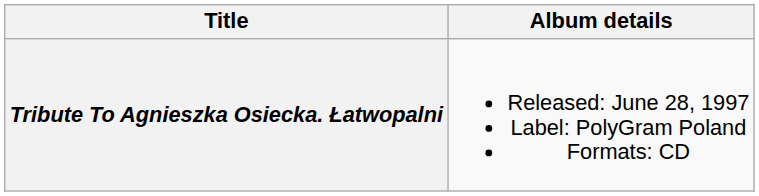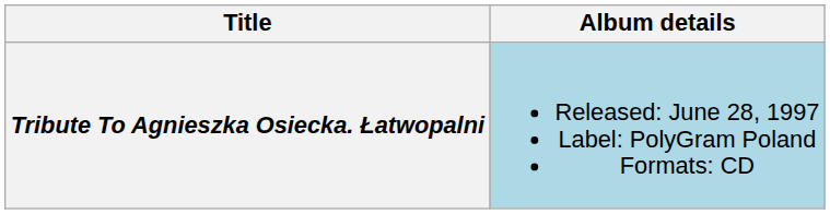 <table class="wikitable plainrowheaders" style="text-align:center;">
 <tr>
 <th scope="col">Title</th>
 <th scope="col">Album details</th>
 </tr>
 <tr>
 <th scope="row"><em>Tribute To Agnieszka Osiecka. Łatwopalni</em></th>
-<td><br><ul><li>Released: June 28, 1997</li><li>Label: PolyGram Poland</li><li>Formats: CD</li></ul></td>
+<td style="background: lightblue;"><br><ul><li>Released: June 28, 1997</li><li>Label: PolyGram Poland</li><li>Formats: CD</li></ul></td>
 </tr>
 </table>
